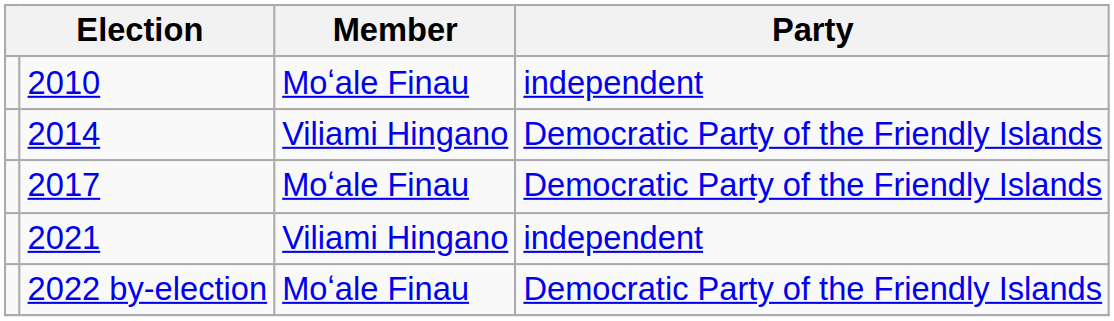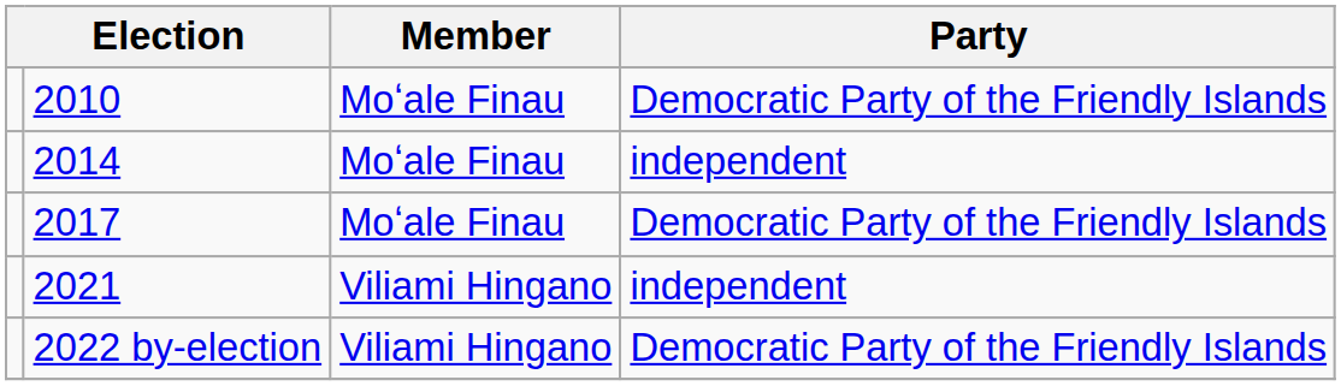 <table class="wikitable">
 <tr>
 <th colspan="2">Election</th>
 <th>Member</th>
 <th>Party</th>
 </tr>
 <tr>
 <td style="background-color: "></td>
 <td><a href='#'>2010</a></td>
 <td><a href='#'>Moʻale Finau</a></td>
-<td><a href='#'>independent</a></td>
+<td><a href='#'>Democratic Party of the Friendly Islands</a></td>
 </tr>
 <tr>
 <td style="background-color: "></td>
 <td><a href='#'>2014</a></td>
-<td><a href='#'>Viliami Hingano</a></td>
-<td><a href='#'>Democratic Party of the Friendly Islands</a></td>
+<td><a href='#'>Moʻale Finau</a></td>
+<td><a href='#'>independent</a></td>
 </tr>
 <tr>
 <td style="background-color: "></td>
 <td><a href='#'>2017</a></td>
 <td><a href='#'>Moʻale Finau</a></td>
 <td><a href='#'>Democratic Party of the Friendly Islands</a></td>
 </tr>
 <tr>
 <td style="background-color: "></td>
 <td><a href='#'>2021</a></td>
 <td><a href='#'>Viliami Hingano</a></td>
 <td><a href='#'>independent</a></td>
 </tr>
 <tr>
 <td style="background-color: "></td>
 <td><a href='#'>2022 by-election</a></td>
-<td><a href='#'>Moʻale Finau</a></td>
+<td><a href='#'>Viliami Hingano</a></td>
 <td><a href='#'>Democratic Party of the Friendly Islands</a></td>
 </tr>
 <tr>
 </tr>
 </table>
